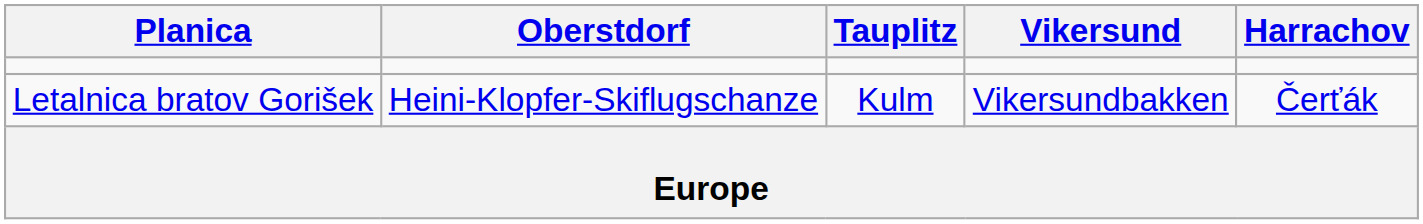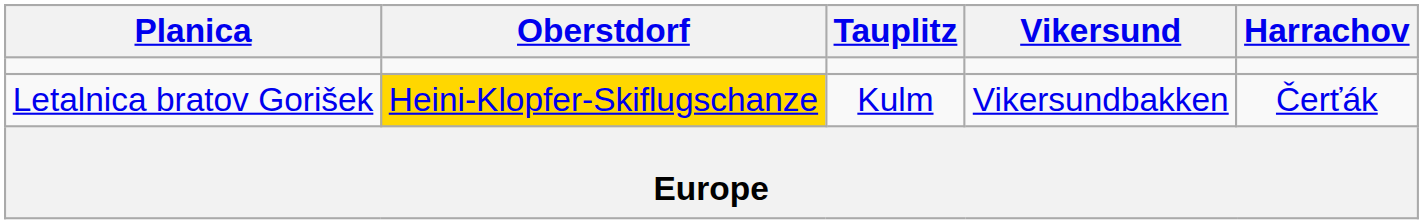 <table class="wikitable" style="text-align:center">
 <tr>
 <th> <a href='#'>Planica</a></th>
 <th> <a href='#'>Oberstdorf</a></th>
 <th> <a href='#'>Tauplitz</a></th>
 <th> <a href='#'>Vikersund</a></th>
 <th> <a href='#'>Harrachov</a></th>
 </tr>
 <tr>
 <td></td>
 <td></td>
 <td></td>
 <td></td>
 <td></td>
 </tr>
 <tr>
 <td><a href='#'>Letalnica bratov Gorišek</a></td>
-<td><a href='#'>Heini-Klopfer-Skiflugschanze</a></td>
+<td style="background: gold;"><a href='#'>Heini-Klopfer-Skiflugschanze</a></td>
 <td><a href='#'>Kulm</a></td>
 <td><a href='#'>Vikersundbakken</a></td>
 <td><a href='#'>Čerťák</a></td>
 </tr>
 <tr>
 <th colspan="5"><br>Europe </th>
 </tr>
 </table>
